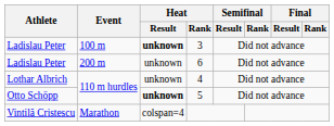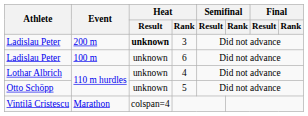 <table class=wikitable style="font-size:90%">
 <tr>
 <th rowspan="2">Athlete</th>
 <th rowspan="2">Event</th>
 <th colspan="2">Heat</th>
 <th colspan="2">Semifinal</th>
 <th colspan="2">Final</th>
 </tr>
 <tr style="font-size:95%">
 <th>Result</th>
 <th>Rank</th>
 <th>Result</th>
 <th>Rank</th>
 <th>Result</th>
 <th>Rank</th>
 </tr>
 <tr align=center>
 <td align=left><a href='#'>Ladislau Peter</a></td>
-<td align=left><a href='#'>100 m</a></td>
+<td align=left><a href='#'>200 m</a></td>
 <td><strong>unknown</strong></td>
 <td>3</td>
 <td colspan=4>Did not advance</td>
 </tr>
 <tr align=center>
 <td align=left><a href='#'>Ladislau Peter</a></td>
-<td align=left><a href='#'>200 m</a></td>
+<td align=left><a href='#'>100 m</a></td>
 <td>unknown</td>
 <td>6</td>
 <td colspan=4>Did not advance</td>
 </tr>
 <tr align=center>
 <td align=left><a href='#'>Lothar Albrich</a></td>
 <td align=left rowspan=2><a href='#'>110 m hurdles</a></td>
 <td>unknown</td>
 <td>4</td>
 <td colspan=4>Did not advance</td>
 </tr>
 <tr align=center>
 <td align=left><a href='#'>Otto Schöpp</a></td>
-<td><strong>unknown</strong></td>
+<td>unknown</td>
 <td>5</td>
 <td colspan=4>Did not advance</td>
 </tr>
 <tr align=center>
 <td align=left><a href='#'>Vintilă Cristescu</a></td>
 <td align=left><a href='#'>Marathon</a></td>
 <td>colspan=4 </td>
 <td colspan=2></td>
 </tr>
 </table>
